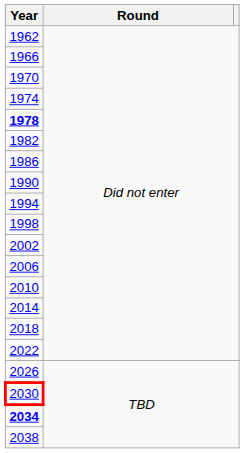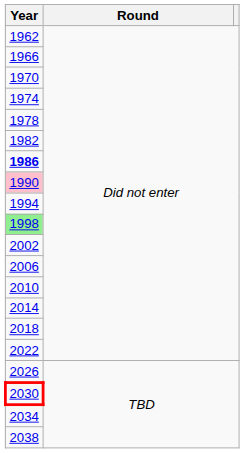 <table class="wikitable" style="text-align: center; font-size:90%">
 <tr>
 <th>Year</th>
 <th style="width:200px">Round</th>
 <th></th>
 </tr>
 <tr>
 <td><a href='#'>1962</a></td>
 <td colspan="2" rowspan="16"><em>Did not enter</em></td>
 </tr>
 <tr>
 <td><a href='#'>1966</a></td>
 </tr>
 <tr>
 <td><a href='#'>1970</a></td>
 </tr>
 <tr>
 <td><a href='#'>1974</a></td>
 </tr>
 <tr>
-<td><strong><a href='#'>1978</a></strong></td>
+<td><a href='#'>1978</a></td>
 </tr>
 <tr>
 <td><a href='#'>1982</a></td>
 </tr>
 <tr>
-<td><a href='#'>1986</a></td>
+<td><strong><a href='#'>1986</a></strong></td>
 </tr>
 <tr>
-<td><a href='#'>1990</a></td>
+<td style="background: pink;"><a href='#'>1990</a></td>
 </tr>
 <tr>
 <td><a href='#'>1994</a></td>
 </tr>
 <tr>
-<td><a href='#'>1998</a></td>
+<td style="background: lightgreen;"><a href='#'>1998</a></td>
 </tr>
 <tr>
 <td><a href='#'>2002</a></td>
 </tr>
 <tr>
 <td><a href='#'>2006</a></td>
 </tr>
 <tr>
 <td><a href='#'>2010</a></td>
 </tr>
 <tr>
 <td><a href='#'>2014</a></td>
 </tr>
 <tr>
 <td><a href='#'>2018</a></td>
 </tr>
 <tr>
 <td><a href='#'>2022</a></td>
 </tr>
 <tr>
 <td><a href='#'>2026</a></td>
 <td colspan="2" rowspan="4"><em>TBD</em></td>
 </tr>
 <tr>
 <td style="border: 3px solid red"><a href='#'>2030</a></td>
 </tr>
 <tr>
-<td><strong><a href='#'>2034</a></strong></td>
+<td><a href='#'>2034</a></td>
 </tr>
 <tr>
 <td><a href='#'>2038</a></td>
 </tr>
 </table>
